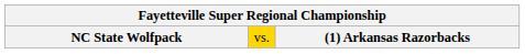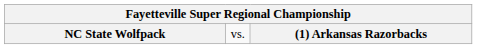 <table class="wikitable">
 <tr>
 <th style="width: 604px;" colspan=3>Fayetteville Super Regional Championship</th>
 </tr>
 <tr>
 <th style="width: 289px; ">NC State Wolfpack</th>
-<td style="background: gold; width: 25px; text-align:center">vs.</td>
+<td style="width: 25px; text-align:center">vs.</td>
 <th style="width: 289px; ">(1) Arkansas Razorbacks</th>
 </tr>
 </table>
